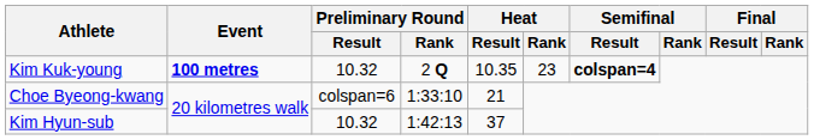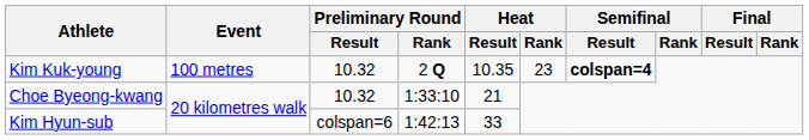 <table class="wikitable" style="font-size:90%">
 <tr>
 <th rowspan="2">Athlete</th>
 <th rowspan="2">Event</th>
 <th colspan="2">Preliminary Round</th>
 <th colspan="2">Heat</th>
 <th colspan="2">Semifinal</th>
 <th colspan="2">Final</th>
 </tr>
 <tr style="font-size:95%">
 <th>Result</th>
 <th>Rank</th>
 <th>Result</th>
 <th>Rank</th>
 <th>Result</th>
 <th>Rank</th>
 <th>Result</th>
 <th>Rank</th>
 </tr>
 <tr style=text-align:center>
 <td style=text-align:left><a href='#'>Kim Kuk-young</a></td>
-<td style=text-align:left><strong><a href='#'>100 metres</a></strong></td>
+<td style=text-align:left><a href='#'>100 metres</a></td>
 <td>10.32</td>
 <td>2 <strong>Q</strong></td>
 <td>10.35</td>
 <td>23</td>
 <td><strong>colspan=4 </strong></td>
 </tr>
 <tr style=text-align:center>
 <td style=text-align:left><a href='#'>Choe Byeong-kwang</a></td>
 <td style=text-align:left rowspan=2><a href='#'>20 kilometres walk</a></td>
-<td>colspan=6 </td>
+<td>10.32</td>
 <td>1:33:10</td>
 <td>21</td>
 </tr>
 <tr style=text-align:center>
 <td style=text-align:left><a href='#'>Kim Hyun-sub</a></td>
-<td>10.32</td>
+<td>colspan=6 </td>
 <td>1:42:13</td>
-<td>37</td>
+<td>33</td>
 </tr>
 </table>
